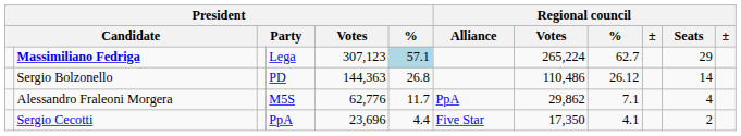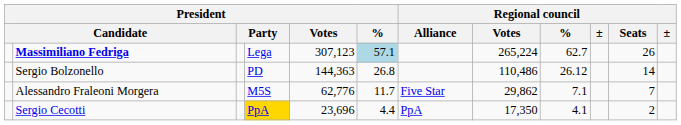 <table class="wikitable" style="text-align:right; style="width=70%">
 <tr>
 <th colspan="6">President</th>
 <th colspan="6">Regional council</th>
 </tr>
 <tr>
 <th colspan="2">Candidate</th>
 <th colspan="2">Party</th>
 <th>Votes</th>
 <th>%</th>
 <th>Alliance</th>
 <th>Votes</th>
 <th>%</th>
 <th>±</th>
 <th>Seats</th>
 <th>±</th>
 </tr>
 <tr>
 <td></td>
 <td style="text-align:left"><strong><a href='#'>Massimiliano Fedriga</a></strong></td>
 <td></td>
 <td style="text-align:left"><a href='#'>Lega</a></td>
 <td>307,123</td>
 <td style="background: lightblue;">57.1</td>
 <td style="text-align:left"></td>
 <td>265,224</td>
 <td>62.7</td>
 <td></td>
-<td>29</td>
+<td>26</td>
 <td></td>
 </tr>
 <tr>
 <td></td>
 <td style="text-align:left">Sergio Bolzonello</td>
 <td></td>
 <td style="text-align:left"><a href='#'>PD</a></td>
 <td>144,363</td>
 <td>26.8</td>
 <td style="text-align:left"></td>
 <td>110,486</td>
 <td>26.12</td>
 <td></td>
 <td>14</td>
 <td></td>
 </tr>
 <tr>
 <td></td>
 <td style="text-align:left">Alessandro Fraleoni Morgera</td>
 <td></td>
 <td style="text-align:left"><a href='#'>M5S</a></td>
 <td>62,776</td>
 <td>11.7</td>
-<td style="text-align:left"><a href='#'>PpA</a></td>
+<td style="text-align:left"><a href='#'>Five Star</a></td>
 <td>29,862</td>
 <td>7.1</td>
 <td></td>
-<td>4</td>
+<td>7</td>
 <td></td>
 </tr>
 <tr>
 <td></td>
 <td style="text-align:left"><a href='#'>Sergio Cecotti</a></td>
 <td></td>
-<td style="text-align:left"><a href='#'>PpA</a></td>
+<td style="background: gold; text-align:left"><a href='#'>PpA</a></td>
 <td>23,696</td>
 <td>4.4</td>
-<td style="text-align:left"><a href='#'>Five Star</a></td>
+<td style="text-align:left"><a href='#'>PpA</a></td>
 <td>17,350</td>
 <td>4.1</td>
 <td></td>
 <td>2</td>
 <td></td>
 </tr>
 </table>
